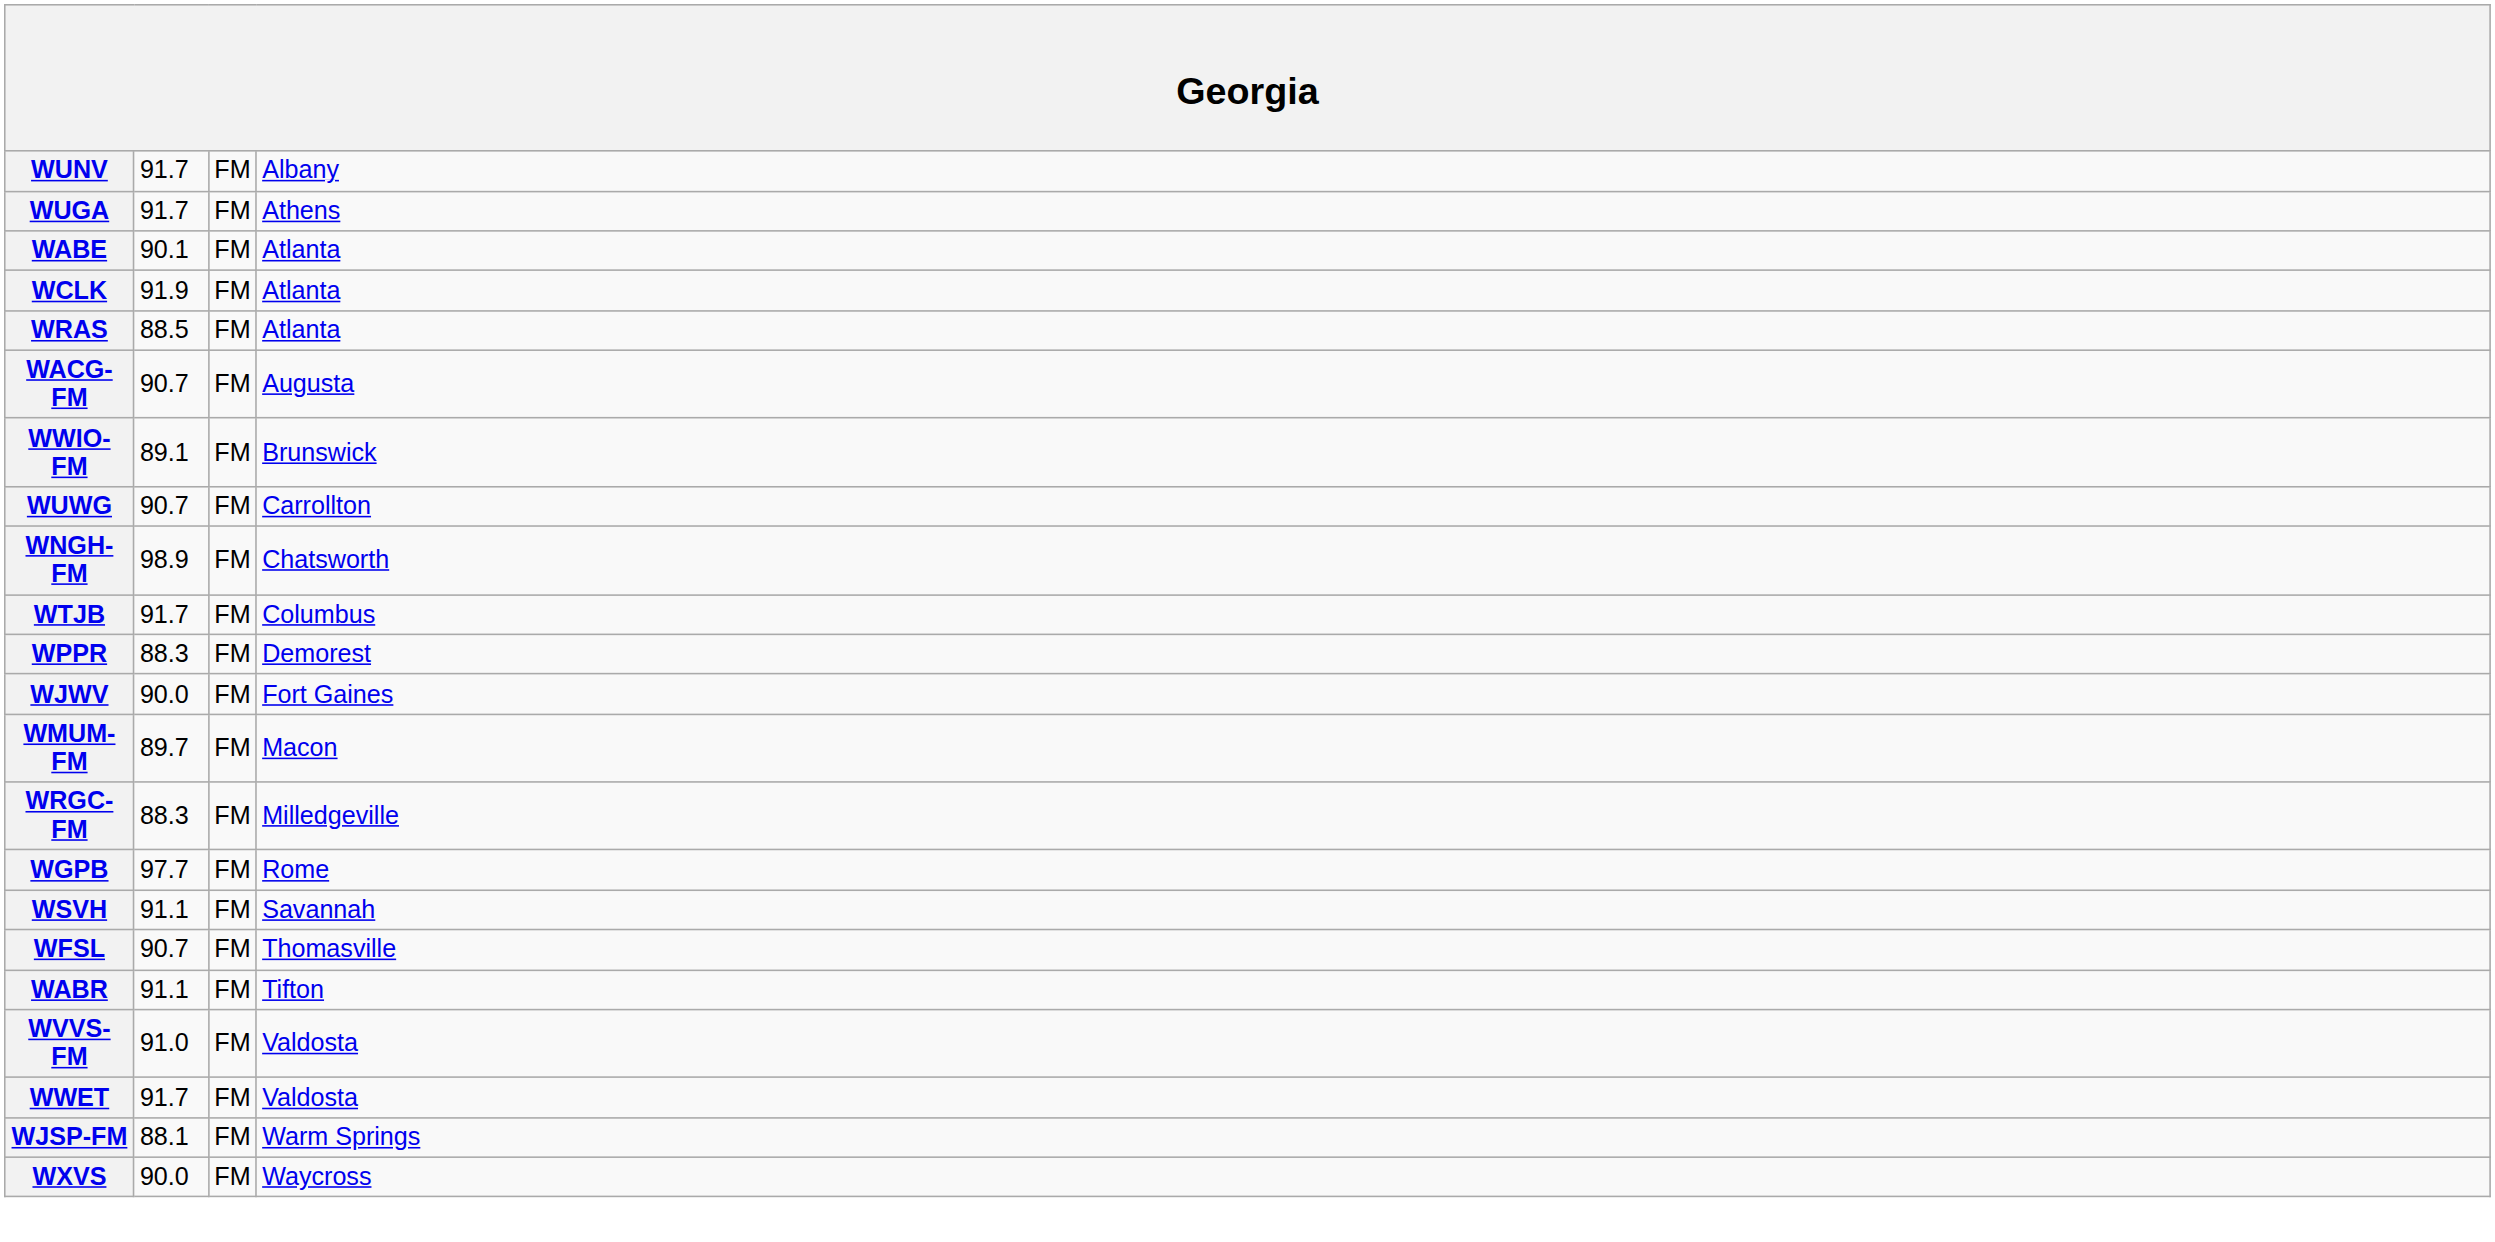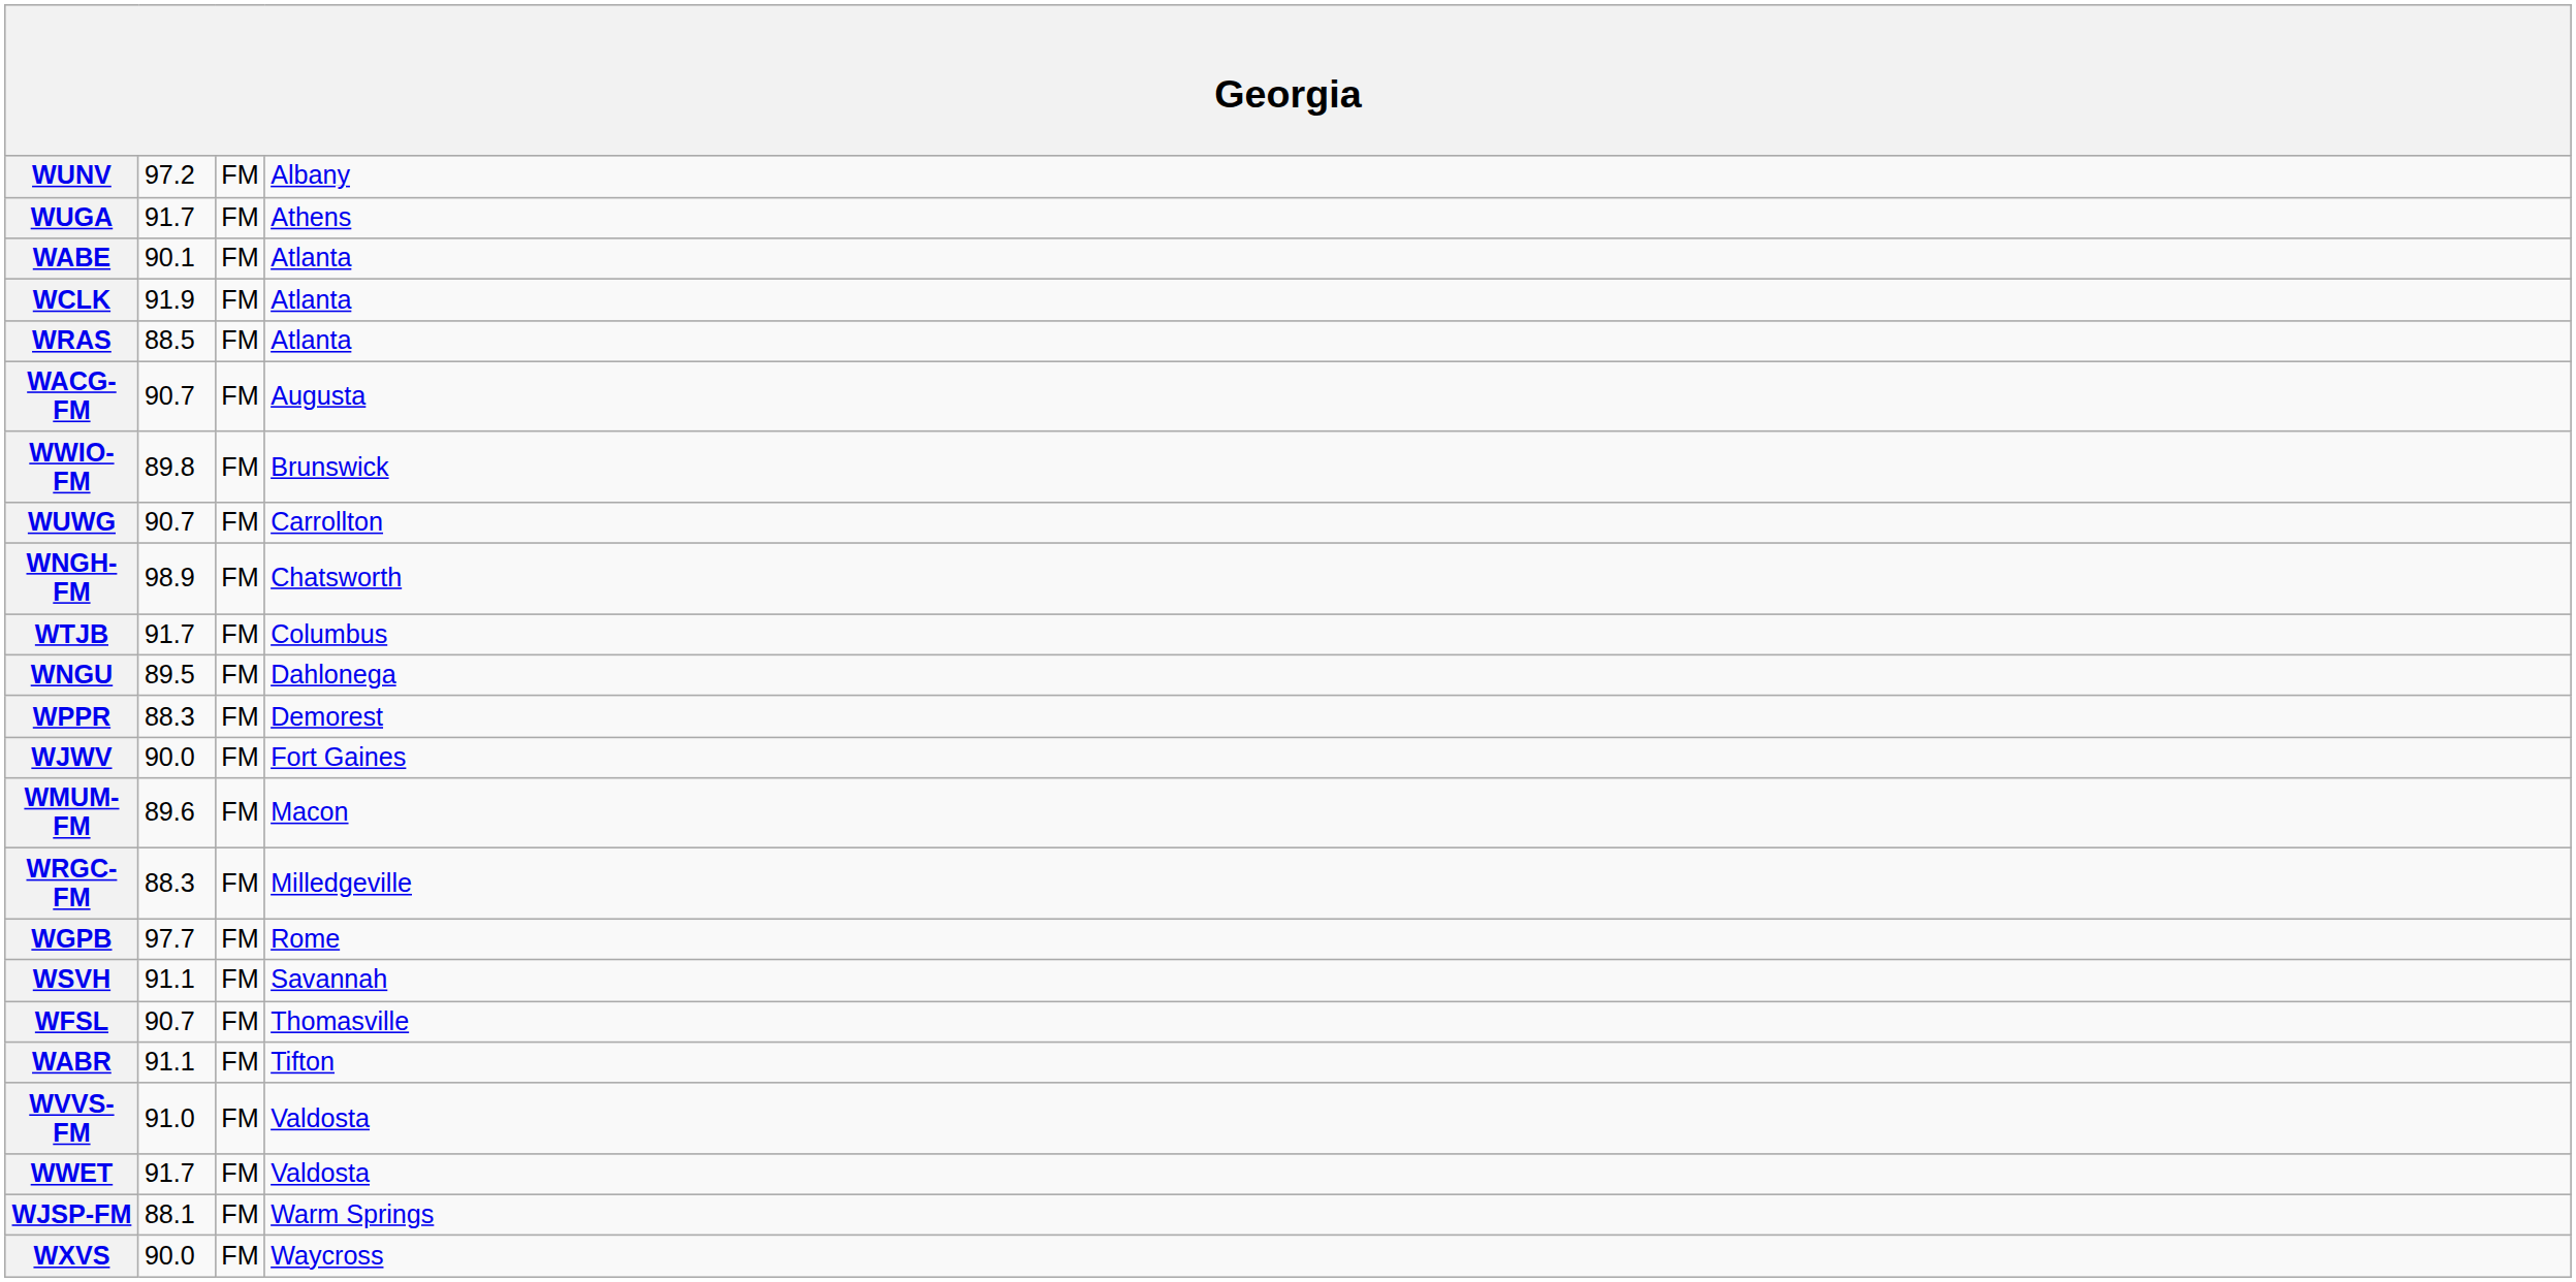 <table class="wikitable mw-collapsible" style="width:100%">
 <tr>
 <th scope="col" colspan="4"><br><h2>Georgia</h2></th>
 </tr>
 <tr>
 <th scope="row" style="width: 75px;"><a href='#'>WUNV</a></th>
-<td style="width: 40px;">91.7</td>
+<td style="width: 40px;">97.2</td>
 <td style="width: 21px;">FM</td>
 <td><a href='#'>Albany</a></td>
 </tr>
 <tr>
 <th scope="row"><a href='#'>WUGA</a></th>
 <td>91.7</td>
 <td>FM</td>
 <td><a href='#'>Athens</a></td>
 </tr>
 <tr>
 <th scope="row"><a href='#'>WABE</a></th>
 <td>90.1</td>
 <td>FM</td>
 <td><a href='#'>Atlanta</a></td>
 </tr>
 <tr>
 <th scope="row"><a href='#'>WCLK</a></th>
 <td>91.9</td>
 <td>FM</td>
 <td><a href='#'>Atlanta</a></td>
 </tr>
 <tr>
 <th scope="row"><a href='#'>WRAS</a></th>
 <td>88.5</td>
 <td>FM</td>
 <td><a href='#'>Atlanta</a></td>
 </tr>
 <tr>
 <th scope="row"><a href='#'>WACG-FM</a></th>
 <td>90.7</td>
 <td>FM</td>
 <td><a href='#'>Augusta</a></td>
 </tr>
 <tr>
 <th scope="row"><a href='#'>WWIO-FM</a></th>
-<td>89.1</td>
+<td>89.8</td>
 <td>FM</td>
 <td><a href='#'>Brunswick</a></td>
 </tr>
 <tr>
 <th scope="row"><a href='#'>WUWG</a></th>
 <td>90.7</td>
 <td>FM</td>
 <td><a href='#'>Carrollton</a></td>
 </tr>
 <tr>
 <th scope="row"><a href='#'>WNGH-FM</a></th>
 <td>98.9</td>
 <td>FM</td>
 <td><a href='#'>Chatsworth</a></td>
 </tr>
 <tr>
 <th scope="row"><a href='#'>WTJB</a></th>
 <td>91.7</td>
 <td>FM</td>
 <td><a href='#'>Columbus</a></td>
 </tr>
 <tr>
+<th scope="row"><a href='#'>WNGU</a></th>
+<td>89.5</td>
+<td>FM</td>
+<td><a href='#'>Dahlonega</a></td>
+</tr>
+<tr>
 <th scope="row"><a href='#'>WPPR</a></th>
 <td>88.3</td>
 <td>FM</td>
 <td><a href='#'>Demorest</a></td>
 </tr>
 <tr>
 <th scope="row"><a href='#'>WJWV</a></th>
 <td>90.0</td>
 <td>FM</td>
 <td><a href='#'>Fort Gaines</a></td>
 </tr>
 <tr>
 <th scope="row"><a href='#'>WMUM-FM</a></th>
-<td>89.7</td>
+<td>89.6</td>
 <td>FM</td>
 <td><a href='#'>Macon</a></td>
 </tr>
 <tr>
 <th scope="row"><a href='#'>WRGC-FM</a></th>
 <td>88.3</td>
 <td>FM</td>
 <td><a href='#'>Milledgeville</a></td>
 </tr>
 <tr>
 <th scope="row"><a href='#'>WGPB</a></th>
 <td>97.7</td>
 <td>FM</td>
 <td><a href='#'>Rome</a></td>
 </tr>
 <tr>
 <th scope="row"><a href='#'>WSVH</a></th>
 <td>91.1</td>
 <td>FM</td>
 <td><a href='#'>Savannah</a></td>
 </tr>
 <tr>
 <th scope="row"><a href='#'>WFSL</a></th>
 <td>90.7</td>
 <td>FM</td>
 <td><a href='#'>Thomasville</a></td>
 </tr>
 <tr>
 <th scope="row"><a href='#'>WABR</a></th>
 <td>91.1</td>
 <td>FM</td>
 <td><a href='#'>Tifton</a></td>
 </tr>
 <tr>
 <th scope="row"><a href='#'>WVVS-FM</a></th>
 <td>91.0</td>
 <td>FM</td>
 <td><a href='#'>Valdosta</a></td>
 </tr>
 <tr>
 <th scope="row"><a href='#'>WWET</a></th>
 <td>91.7</td>
 <td>FM</td>
 <td><a href='#'>Valdosta</a></td>
 </tr>
 <tr>
 <th scope="row"><a href='#'>WJSP-FM</a></th>
 <td>88.1</td>
 <td>FM</td>
 <td><a href='#'>Warm Springs</a></td>
 </tr>
 <tr>
 <th scope="row"><a href='#'>WXVS</a></th>
 <td>90.0</td>
 <td>FM</td>
 <td><a href='#'>Waycross</a></td>
 </tr>
 </table>
